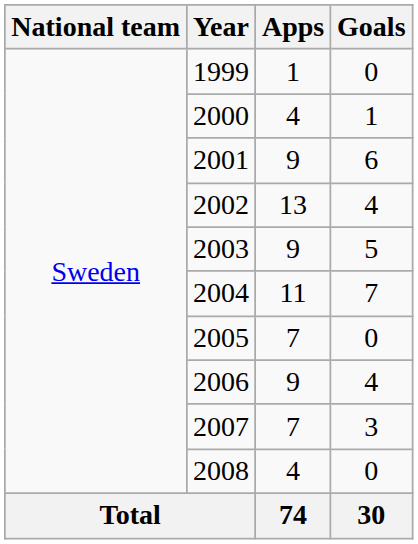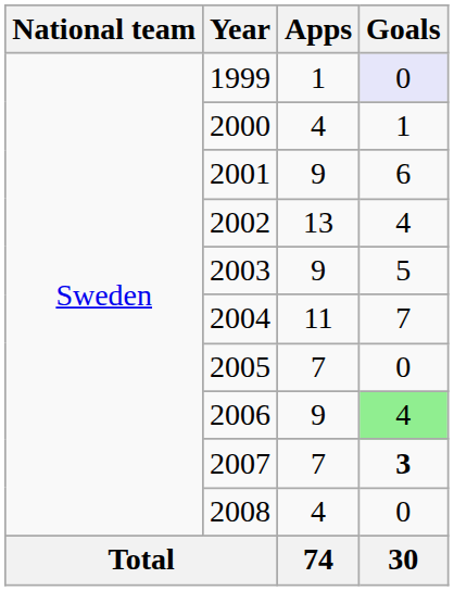 <table class="wikitable" style="text-align:center">
 <tr>
 <th>National team</th>
 <th>Year</th>
 <th>Apps</th>
 <th>Goals</th>
 </tr>
 <tr>
 <td rowspan="10"><a href='#'>Sweden</a></td>
 <td>1999</td>
 <td>1</td>
-<td>0</td>
+<td style="background: lavender;">0</td>
 </tr>
 <tr>
 <td>2000</td>
 <td>4</td>
 <td>1</td>
 </tr>
 <tr>
 <td>2001</td>
 <td>9</td>
 <td>6</td>
 </tr>
 <tr>
 <td>2002</td>
 <td>13</td>
 <td>4</td>
 </tr>
 <tr>
 <td>2003</td>
 <td>9</td>
 <td>5</td>
 </tr>
 <tr>
 <td>2004</td>
 <td>11</td>
 <td>7</td>
 </tr>
 <tr>
 <td>2005</td>
 <td>7</td>
 <td>0</td>
 </tr>
 <tr>
 <td>2006</td>
 <td>9</td>
-<td>4</td>
+<td style="background: lightgreen;">4</td>
 </tr>
 <tr>
 <td>2007</td>
 <td>7</td>
-<td>3</td>
+<td><strong>3</strong></td>
 </tr>
 <tr>
 <td>2008</td>
 <td>4</td>
 <td>0</td>
 </tr>
 <tr>
 <th colspan="2">Total</th>
 <th>74</th>
 <th>30</th>
 </tr>
 </table>
